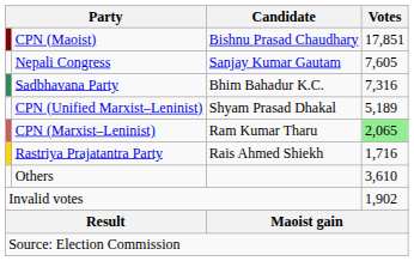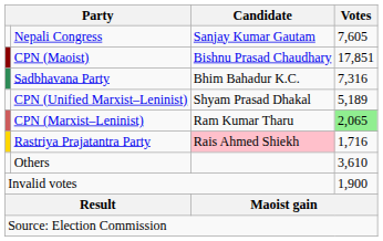 <table class="wikitable">
 <tr>
 <th colspan="2">Party</th>
 <th>Candidate</th>
 <th>Votes</th>
 </tr>
 <tr>
+<td style="background-color:"></td>
+<td><a href='#'>Nepali Congress</a></td>
+<td><a href='#'>Sanjay Kumar Gautam</a></td>
+<td>7,605</td>
+</tr>
+<tr>
 <td style="background-color:darkred"></td>
 <td><a href='#'>CPN (Maoist)</a></td>
 <td><a href='#'>Bishnu Prasad Chaudhary</a></td>
 <td>17,851</td>
-</tr>
-<tr>
-<td style="background-color:"></td>
-<td><a href='#'>Nepali Congress</a></td>
-<td><a href='#'>Sanjay Kumar Gautam</a></td>
-<td>7,605</td>
 </tr>
 <tr>
 <td style="background-color:seagreen"></td>
 <td><a href='#'>Sadbhavana Party</a></td>
 <td>Bhim Bahadur K.C.</td>
 <td>7,316</td>
 </tr>
 <tr>
 <td style="background-color:"></td>
 <td><a href='#'>CPN (Unified Marxist–Leninist)</a></td>
 <td>Shyam Prasad Dhakal</td>
 <td>5,189</td>
 </tr>
 <tr>
 <td style="background-color:indianred"></td>
 <td><a href='#'>CPN (Marxist–Leninist)</a></td>
 <td>Ram Kumar Tharu</td>
 <td style="background: lightgreen;">2,065</td>
 </tr>
 <tr>
 <td style="background-color:gold"></td>
 <td><a href='#'>Rastriya Prajatantra Party</a></td>
-<td>Rais Ahmed Shiekh</td>
+<td style="background: pink;">Rais Ahmed Shiekh</td>
 <td>1,716</td>
 </tr>
 <tr>
 <td></td>
 <td>Others</td>
 <td></td>
 <td>3,610</td>
 </tr>
 <tr>
 <td colspan="3">Invalid votes</td>
-<td>1,902</td>
+<td>1,900</td>
 </tr>
 <tr>
 <th colspan="2">Result</th>
 <th colspan="2">Maoist gain</th>
 </tr>
 <tr>
 <td colspan="4">Source: Election Commission</td>
 </tr>
 </table>
